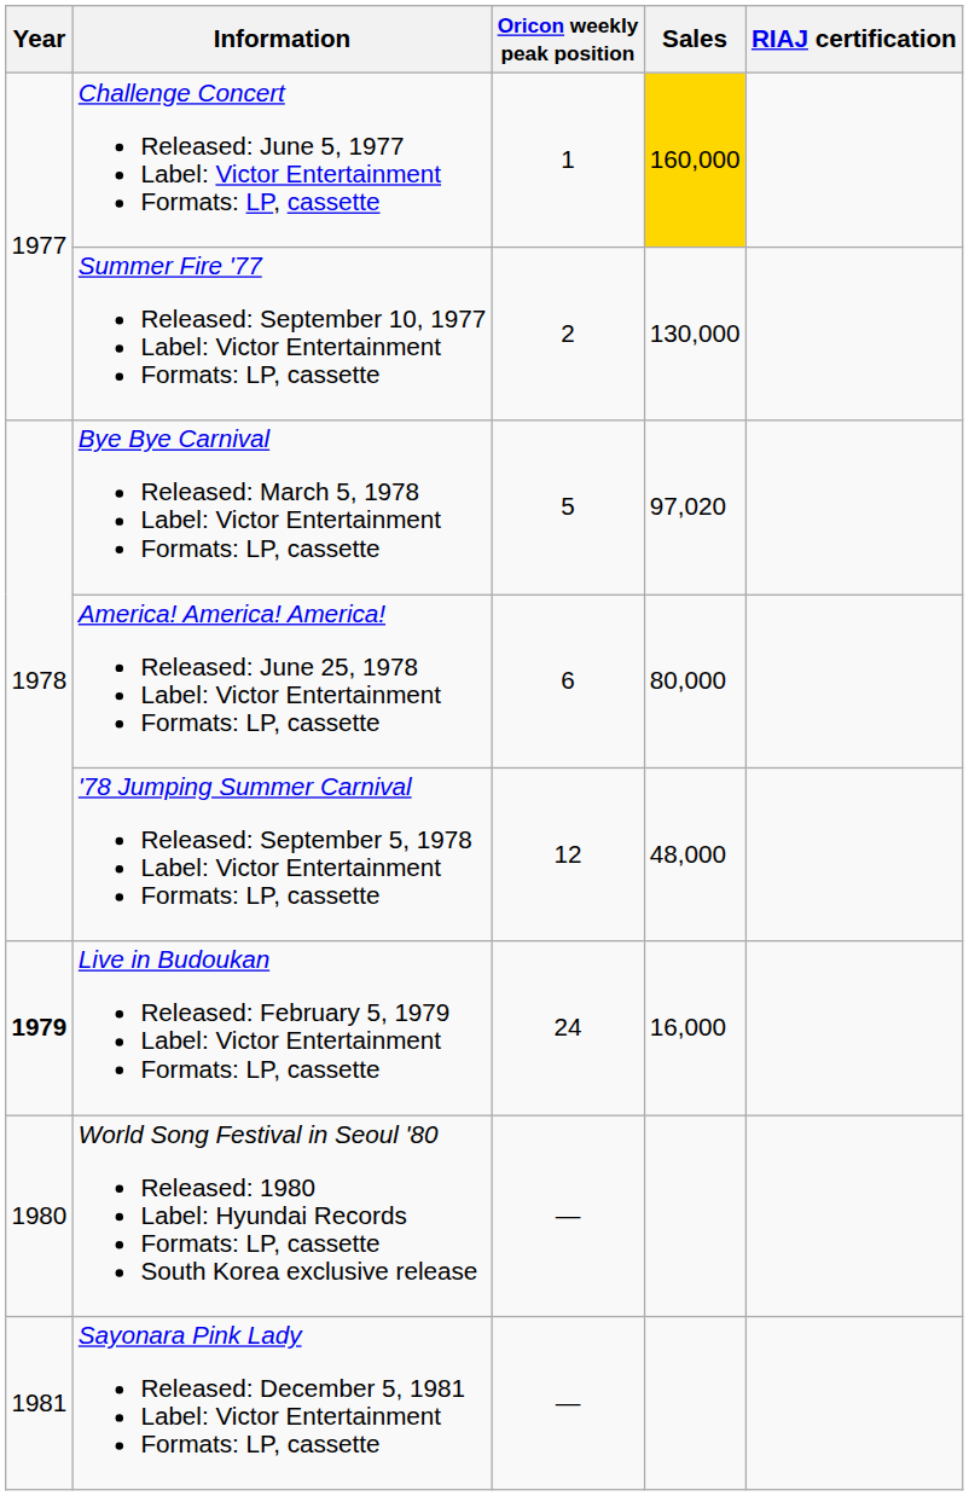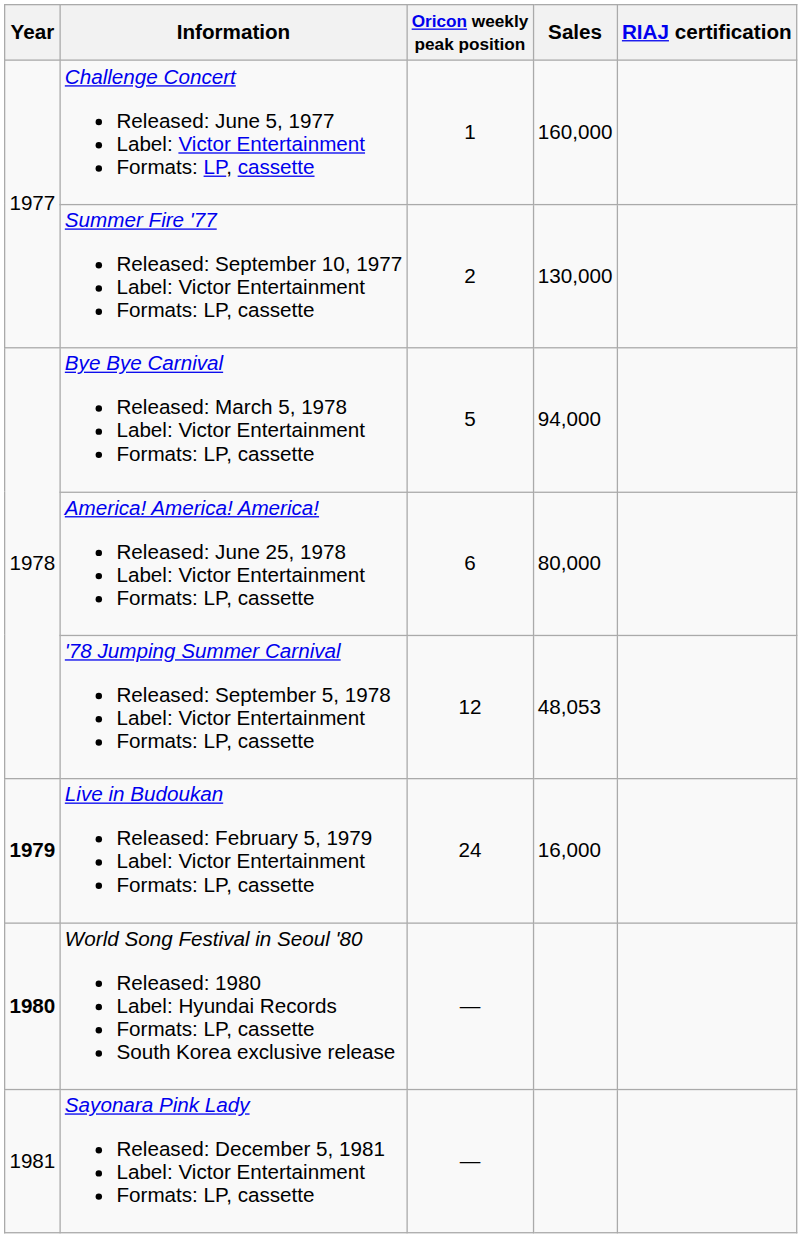 <table class="wikitable">
 <tr>
 <th>Year</th>
 <th>Information</th>
 <th><small><a href='#'>Oricon</a> weekly<br>peak position</small></th>
 <th>Sales<br></th>
 <th><a href='#'>RIAJ</a> certification</th>
 </tr>
 <tr>
 <td rowspan="2">1977</td>
 <td><em><a href='#'>Challenge Concert</a></em><br><ul><li>Released: June 5, 1977</li><li>Label: <a href='#'>Victor Entertainment</a></li><li>Formats: <a href='#'>LP</a>, <a href='#'>cassette</a></li></ul></td>
 <td style="text-align:center;">1</td>
-<td align="left" style="background: gold;">160,000</td>
+<td align="left">160,000</td>
 <td align="left"></td>
 </tr>
 <tr>
 <td><em><a href='#'>Summer Fire '77</a></em><br><ul><li>Released: September 10, 1977</li><li>Label: Victor Entertainment</li><li>Formats: LP, cassette</li></ul></td>
 <td style="text-align:center;">2</td>
 <td align="left">130,000</td>
 <td align="left"></td>
 </tr>
 <tr>
 <td rowspan="3">1978</td>
 <td><em><a href='#'>Bye Bye Carnival</a></em><br><ul><li>Released: March 5, 1978</li><li>Label: Victor Entertainment</li><li>Formats: LP, cassette</li></ul></td>
 <td style="text-align:center;">5</td>
-<td align="left">97,020</td>
+<td align="left">94,000</td>
 <td align="left"></td>
 </tr>
 <tr>
 <td><em><a href='#'>America! America! America!</a></em><br><ul><li>Released: June 25, 1978</li><li>Label: Victor Entertainment</li><li>Formats: LP, cassette</li></ul></td>
 <td style="text-align:center;">6</td>
 <td align="left">80,000</td>
 <td align="left"></td>
 </tr>
 <tr>
 <td><em><a href='#'>'78 Jumping Summer Carnival</a></em><br><ul><li>Released: September 5, 1978</li><li>Label: Victor Entertainment</li><li>Formats: LP, cassette</li></ul></td>
 <td style="text-align:center;">12</td>
-<td align="left">48,000</td>
+<td align="left">48,053</td>
 <td align="left"></td>
 </tr>
 <tr>
 <td><strong>1979</strong></td>
 <td><em><a href='#'>Live in Budoukan</a></em><br><ul><li>Released: February 5, 1979</li><li>Label: Victor Entertainment</li><li>Formats: LP, cassette</li></ul></td>
 <td style="text-align:center;">24</td>
 <td align="left">16,000</td>
 <td align="left"></td>
 </tr>
 <tr>
-<td>1980</td>
+<td><strong>1980</strong></td>
 <td><em>World Song Festival in Seoul '80</em><br><ul><li>Released: 1980</li><li>Label: Hyundai Records</li><li>Formats: LP, cassette</li><li>South Korea exclusive release</li></ul></td>
 <td style="text-align:center;">—</td>
 <td align="left"></td>
 <td align="left"></td>
 </tr>
 <tr>
 <td>1981</td>
 <td><em><a href='#'>Sayonara Pink Lady</a></em><br><ul><li>Released: December 5, 1981</li><li>Label: Victor Entertainment</li><li>Formats: LP, cassette</li></ul></td>
 <td style="text-align:center;">—</td>
 <td align="left"></td>
 <td align="left"></td>
 </tr>
 </table>
